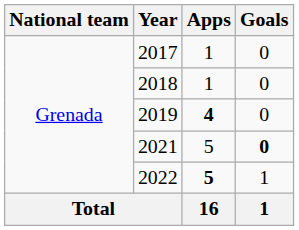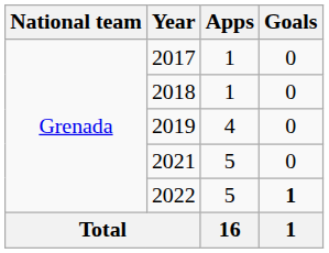 <table class="wikitable" style="text-align: center">
 <tr>
 <th>National team</th>
 <th>Year</th>
 <th>Apps</th>
 <th>Goals</th>
 </tr>
 <tr>
 <td rowspan="5"><a href='#'>Grenada</a></td>
 <td>2017</td>
 <td>1</td>
 <td>0</td>
 </tr>
 <tr>
 <td>2018</td>
 <td>1</td>
 <td>0</td>
 </tr>
 <tr>
 <td>2019</td>
-<td><strong>4</strong></td>
+<td>4</td>
 <td>0</td>
 </tr>
 <tr>
 <td>2021</td>
 <td>5</td>
-<td><strong>0</strong></td>
+<td>0</td>
 </tr>
 <tr>
 <td>2022</td>
-<td><strong>5</strong></td>
-<td>1</td>
+<td>5</td>
+<td><strong>1</strong></td>
 </tr>
 <tr>
 <th colspan="2">Total</th>
 <th>16</th>
 <th>1</th>
 </tr>
 </table>
